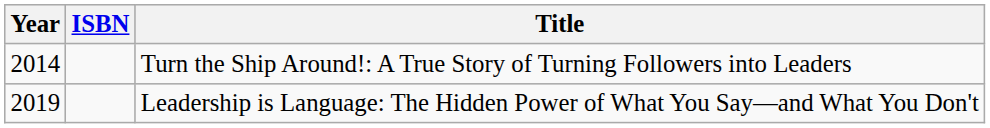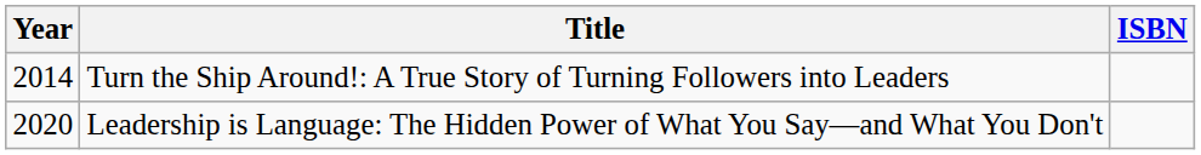 <table class="wikitable">
 <tr>
 <th>Year</th>
+<th>Title</th>
 <th><a href='#'>ISBN</a></th>
-<th>Title</th>
 </tr>
 <tr>
 <td>2014</td>
+<td>Turn the Ship Around!: A True Story of Turning Followers into Leaders</td>
 <td></td>
-<td>Turn the Ship Around!: A True Story of Turning Followers into Leaders</td>
 </tr>
 <tr>
-<td>2019</td>
+<td>2020</td>
+<td>Leadership is Language: The Hidden Power of What You Say—and What You Don't</td>
 <td></td>
-<td>Leadership is Language: The Hidden Power of What You Say—and What You Don't</td>
 </tr>
 </table>
